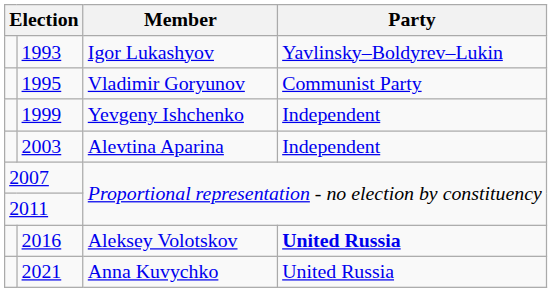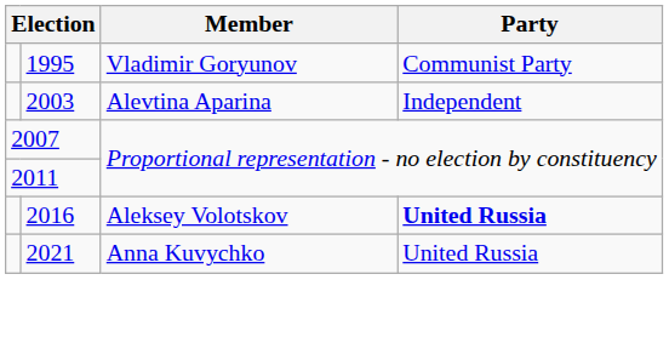 <table class="wikitable">
 <tr>
 <th colspan="2">Election</th>
 <th>Member</th>
 <th>Party</th>
 </tr>
 <tr>
 <td style="background-color:"></td>
-<td><a href='#'>1993</a></td>
-<td><a href='#'>Igor Lukashyov</a></td>
-<td><a href='#'>Yavlinsky–Boldyrev–Lukin</a></td>
-</tr>
-<tr>
-<td style="background-color:"></td>
 <td><a href='#'>1995</a></td>
 <td><a href='#'>Vladimir Goryunov</a></td>
 <td><a href='#'>Communist Party</a></td>
-</tr>
-<tr>
-<td style="background-color:"></td>
-<td><a href='#'>1999</a></td>
-<td><a href='#'>Yevgeny Ishchenko</a></td>
-<td><a href='#'>Independent</a></td>
 </tr>
 <tr>
 <td style="background-color:"></td>
 <td><a href='#'>2003</a></td>
 <td><a href='#'>Alevtina Aparina</a></td>
 <td><a href='#'>Independent</a></td>
 </tr>
 <tr>
 <td colspan=2><a href='#'>2007</a></td>
 <td colspan=2 rowspan=2><em><a href='#'>Proportional representation</a> - no election by constituency</em></td>
 </tr>
 <tr>
 <td colspan=2><a href='#'>2011</a></td>
 </tr>
 <tr>
 <td style="background-color: "></td>
 <td><a href='#'>2016</a></td>
 <td><a href='#'>Aleksey Volotskov</a></td>
 <td><strong><a href='#'>United Russia</a></strong></td>
 </tr>
 <tr>
 <td style="background-color: "></td>
 <td><a href='#'>2021</a></td>
 <td><a href='#'>Anna Kuvychko</a></td>
 <td><a href='#'>United Russia</a></td>
 </tr>
 </table>
